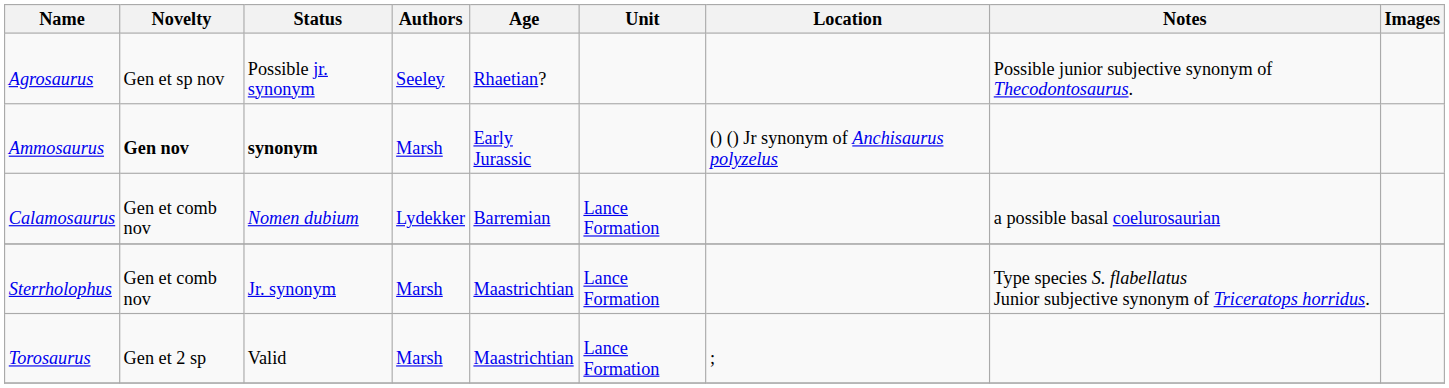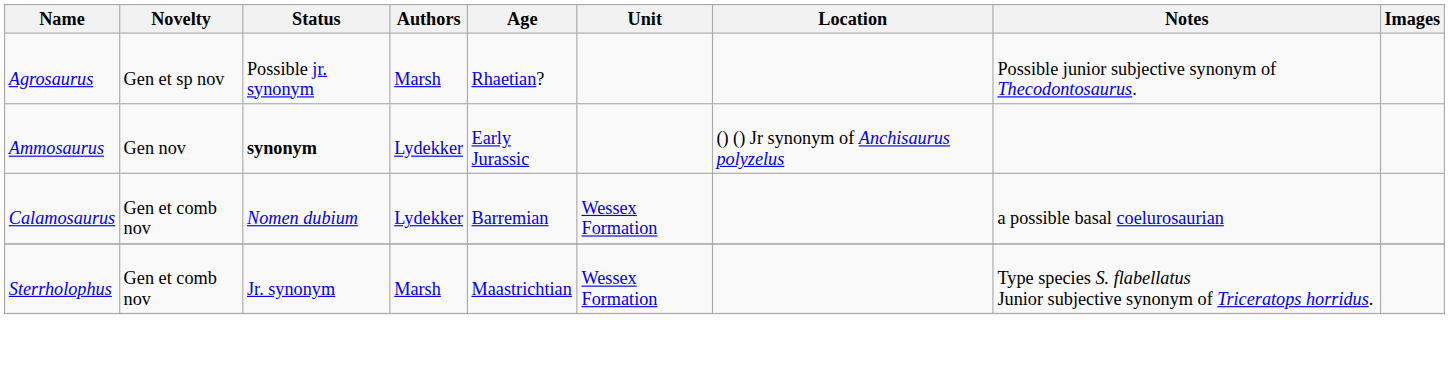 <table class="wikitable sortable" align="center" width="100%">
 <tr>
 <th>Name</th>
 <th>Novelty</th>
 <th>Status</th>
 <th>Authors</th>
 <th>Age</th>
 <th>Unit</th>
 <th>Location</th>
 <th>Notes</th>
 <th>Images</th>
 </tr>
 <tr>
 <td><br><em><a href='#'>Agrosaurus</a></em></td>
 <td><br>Gen et sp nov</td>
 <td><br>Possible <a href='#'>jr. synonym</a></td>
-<td><br><a href='#'>Seeley</a></td>
+<td><br><a href='#'>Marsh</a></td>
 <td><br><a href='#'>Rhaetian</a>?</td>
 <td></td>
 <td><br></td>
 <td><br>Possible junior subjective synonym of <em><a href='#'>Thecodontosaurus</a></em>.</td>
 <td></td>
 </tr>
 <tr>
 <td><br><em><a href='#'>Ammosaurus</a></em></td>
-<td><strong><br>Gen nov</strong></td>
+<td><br>Gen nov</td>
 <td><strong><br>synonym</strong></td>
-<td><br><a href='#'>Marsh</a></td>
+<td><br><a href='#'>Lydekker</a></td>
 <td><br><a href='#'>Early Jurassic</a></td>
 <td></td>
 <td><br> () () Jr synonym of <em><a href='#'>Anchisaurus polyzelus</a></em></td>
 <td><br></td>
 </tr>
 <tr>
 <td><br><em><a href='#'>Calamosaurus</a></em></td>
 <td><br>Gen et comb nov</td>
 <td><br><em><a href='#'>Nomen dubium</a></em></td>
 <td><br><a href='#'>Lydekker</a></td>
 <td><br><a href='#'>Barremian</a></td>
-<td><br><a href='#'>Lance Formation</a></td>
+<td><br><a href='#'>Wessex Formation</a></td>
 <td><br></td>
 <td><br>a possible basal <a href='#'>coelurosaurian</a></td>
 <td><br></td>
 </tr>
 <tr>
 </tr>
 <tr>
 <td><br><em><a href='#'>Sterrholophus</a></em></td>
 <td><br>Gen et comb nov</td>
 <td><br><a href='#'>Jr. synonym</a></td>
 <td><br><a href='#'>Marsh</a></td>
 <td><br><a href='#'>Maastrichtian</a></td>
-<td><br><a href='#'>Lance Formation</a></td>
+<td><br><a href='#'>Wessex Formation</a></td>
 <td><br></td>
 <td><br>Type species <em>S. flabellatus</em><br> Junior subjective synonym of <em><a href='#'>Triceratops horridus</a></em>.</td>
 <td><br></td>
 </tr>
 <tr>
-<td><br><em><a href='#'>Torosaurus</a></em></td>
-<td><br>Gen et 2 sp</td>
-<td><br>Valid</td>
-<td><br><a href='#'>Marsh</a></td>
-<td><br><a href='#'>Maastrichtian</a></td>
-<td><br><a href='#'>Lance Formation</a></td>
-<td><br>; <br></td>
-<td></td>
-<td></td>
-</tr>
-<tr>
 </tr>
 </table>
